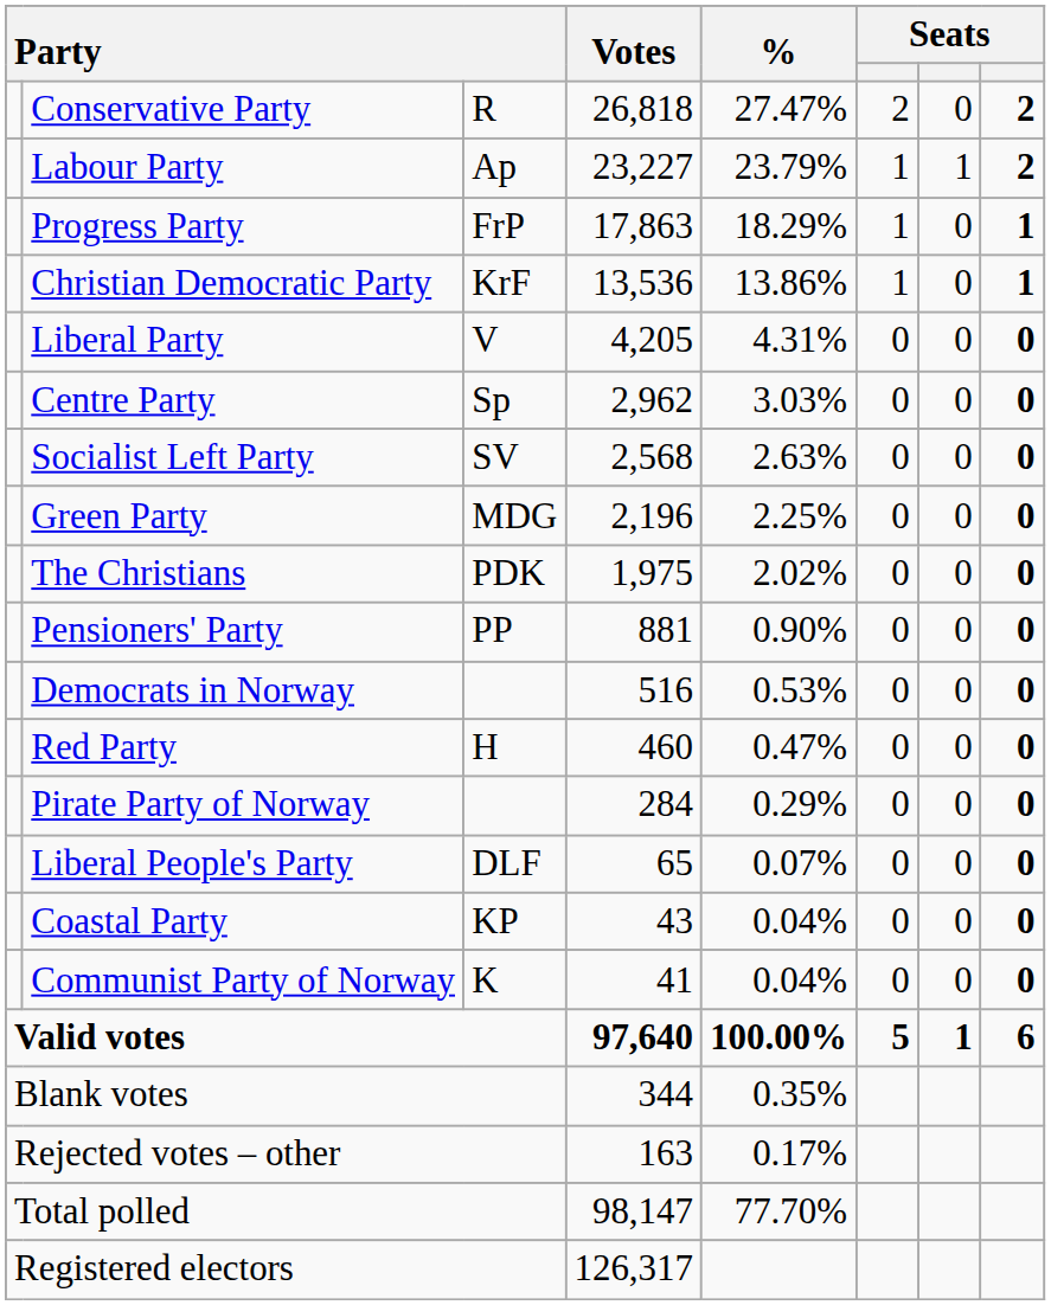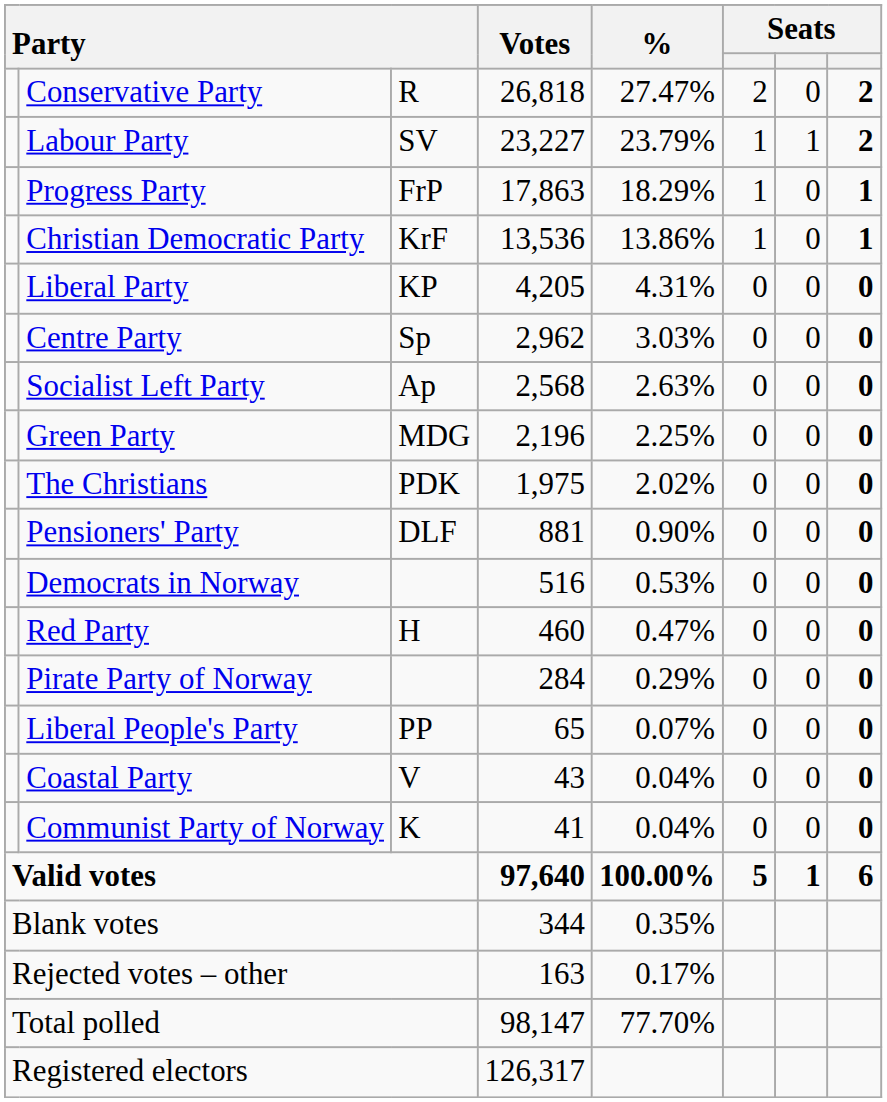 <table class="wikitable" border="1" style="text-align:right;">
 <tr>
 <th style="text-align:left;" valign=bottom rowspan=2 colspan=3>Party</th>
 <th align=center valign=bottom rowspan=2 width="50">Votes</th>
 <th align=center valign=bottom rowspan=2 width="50">%</th>
 <th colspan=3>Seats</th>
 </tr>
 <tr>
 <th align=center valign=bottom width="20"><small></small></th>
 <th align=center valign=bottom width="20"><small><a href='#'></a></small></th>
 <th align=center valign=bottom width="20"><small></small></th>
 </tr>
 <tr>
 <td style="color:inherit;background:"></td>
 <td align=left><a href='#'>Conservative Party</a></td>
 <td align=left>R</td>
 <td>26,818</td>
 <td>27.47%</td>
 <td>2</td>
 <td>0</td>
 <td><strong>2</strong></td>
 </tr>
 <tr>
 <td style="color:inherit;background:"></td>
 <td align=left><a href='#'>Labour Party</a></td>
-<td align=left>Ap</td>
+<td align=left>SV</td>
 <td>23,227</td>
 <td>23.79%</td>
 <td>1</td>
 <td>1</td>
 <td><strong>2</strong></td>
 </tr>
 <tr>
 <td style="color:inherit;background:"></td>
 <td align=left><a href='#'>Progress Party</a></td>
 <td align=left>FrP</td>
 <td>17,863</td>
 <td>18.29%</td>
 <td>1</td>
 <td>0</td>
 <td><strong>1</strong></td>
 </tr>
 <tr>
 <td style="color:inherit;background:"></td>
 <td align=left><a href='#'>Christian Democratic Party</a></td>
 <td align=left>KrF</td>
 <td>13,536</td>
 <td>13.86%</td>
 <td>1</td>
 <td>0</td>
 <td><strong>1</strong></td>
 </tr>
 <tr>
 <td style="color:inherit;background:"></td>
 <td align=left><a href='#'>Liberal Party</a></td>
-<td align=left>V</td>
+<td align=left>KP</td>
 <td>4,205</td>
 <td>4.31%</td>
 <td>0</td>
 <td>0</td>
 <td><strong>0</strong></td>
 </tr>
 <tr>
 <td style="color:inherit;background:"></td>
 <td align=left><a href='#'>Centre Party</a></td>
 <td align=left>Sp</td>
 <td>2,962</td>
 <td>3.03%</td>
 <td>0</td>
 <td>0</td>
 <td><strong>0</strong></td>
 </tr>
 <tr>
 <td style="color:inherit;background:"></td>
 <td align=left><a href='#'>Socialist Left Party</a></td>
-<td align=left>SV</td>
+<td align=left>Ap</td>
 <td>2,568</td>
 <td>2.63%</td>
 <td>0</td>
 <td>0</td>
 <td><strong>0</strong></td>
 </tr>
 <tr>
 <td style="color:inherit;background:"></td>
 <td align=left><a href='#'>Green Party</a></td>
 <td align=left>MDG</td>
 <td>2,196</td>
 <td>2.25%</td>
 <td>0</td>
 <td>0</td>
 <td><strong>0</strong></td>
 </tr>
 <tr>
 <td style="color:inherit;background:"></td>
 <td align=left><a href='#'>The Christians</a></td>
 <td align=left>PDK</td>
 <td>1,975</td>
 <td>2.02%</td>
 <td>0</td>
 <td>0</td>
 <td><strong>0</strong></td>
 </tr>
 <tr>
 <td style="color:inherit;background:"></td>
 <td align=left><a href='#'>Pensioners' Party</a></td>
-<td align=left>PP</td>
+<td align=left>DLF</td>
 <td>881</td>
 <td>0.90%</td>
 <td>0</td>
 <td>0</td>
 <td><strong>0</strong></td>
 </tr>
 <tr>
 <td style="color:inherit;background:"></td>
 <td align=left><a href='#'>Democrats in Norway</a></td>
 <td align=left></td>
 <td>516</td>
 <td>0.53%</td>
 <td>0</td>
 <td>0</td>
 <td><strong>0</strong></td>
 </tr>
 <tr>
 <td style="color:inherit;background:"></td>
 <td align=left><a href='#'>Red Party</a></td>
 <td align=left>H</td>
 <td>460</td>
 <td>0.47%</td>
 <td>0</td>
 <td>0</td>
 <td><strong>0</strong></td>
 </tr>
 <tr>
 <td style="color:inherit;background:"></td>
 <td align=left><a href='#'>Pirate Party of Norway</a></td>
 <td align=left></td>
 <td>284</td>
 <td>0.29%</td>
 <td>0</td>
 <td>0</td>
 <td><strong>0</strong></td>
 </tr>
 <tr>
 <td style="color:inherit;background:"></td>
 <td align=left><a href='#'>Liberal People's Party</a></td>
-<td align=left>DLF</td>
+<td align=left>PP</td>
 <td>65</td>
 <td>0.07%</td>
 <td>0</td>
 <td>0</td>
 <td><strong>0</strong></td>
 </tr>
 <tr>
 <td style="color:inherit;background:"></td>
 <td align=left><a href='#'>Coastal Party</a></td>
-<td align=left>KP</td>
+<td align=left>V</td>
 <td>43</td>
 <td>0.04%</td>
 <td>0</td>
 <td>0</td>
 <td><strong>0</strong></td>
 </tr>
 <tr>
 <td style="color:inherit;background:"></td>
 <td align=left><a href='#'>Communist Party of Norway</a></td>
 <td align=left>K</td>
 <td>41</td>
 <td>0.04%</td>
 <td>0</td>
 <td>0</td>
 <td><strong>0</strong></td>
 </tr>
 <tr style="font-weight:bold">
 <td align=left colspan=3>Valid votes</td>
 <td>97,640</td>
 <td>100.00%</td>
 <td>5</td>
 <td>1</td>
 <td>6</td>
 </tr>
 <tr>
 <td align=left colspan=3>Blank votes</td>
 <td>344</td>
 <td>0.35%</td>
 <td></td>
 <td></td>
 <td></td>
 </tr>
 <tr>
 <td align=left colspan=3>Rejected votes – other</td>
 <td>163</td>
 <td>0.17%</td>
 <td></td>
 <td></td>
 <td></td>
 </tr>
 <tr>
 <td align=left colspan=3>Total polled</td>
 <td>98,147</td>
 <td>77.70%</td>
 <td></td>
 <td></td>
 <td></td>
 </tr>
 <tr>
 <td align=left colspan=3>Registered electors</td>
 <td>126,317</td>
 <td></td>
 <td></td>
 <td></td>
 <td></td>
 </tr>
 </table>
